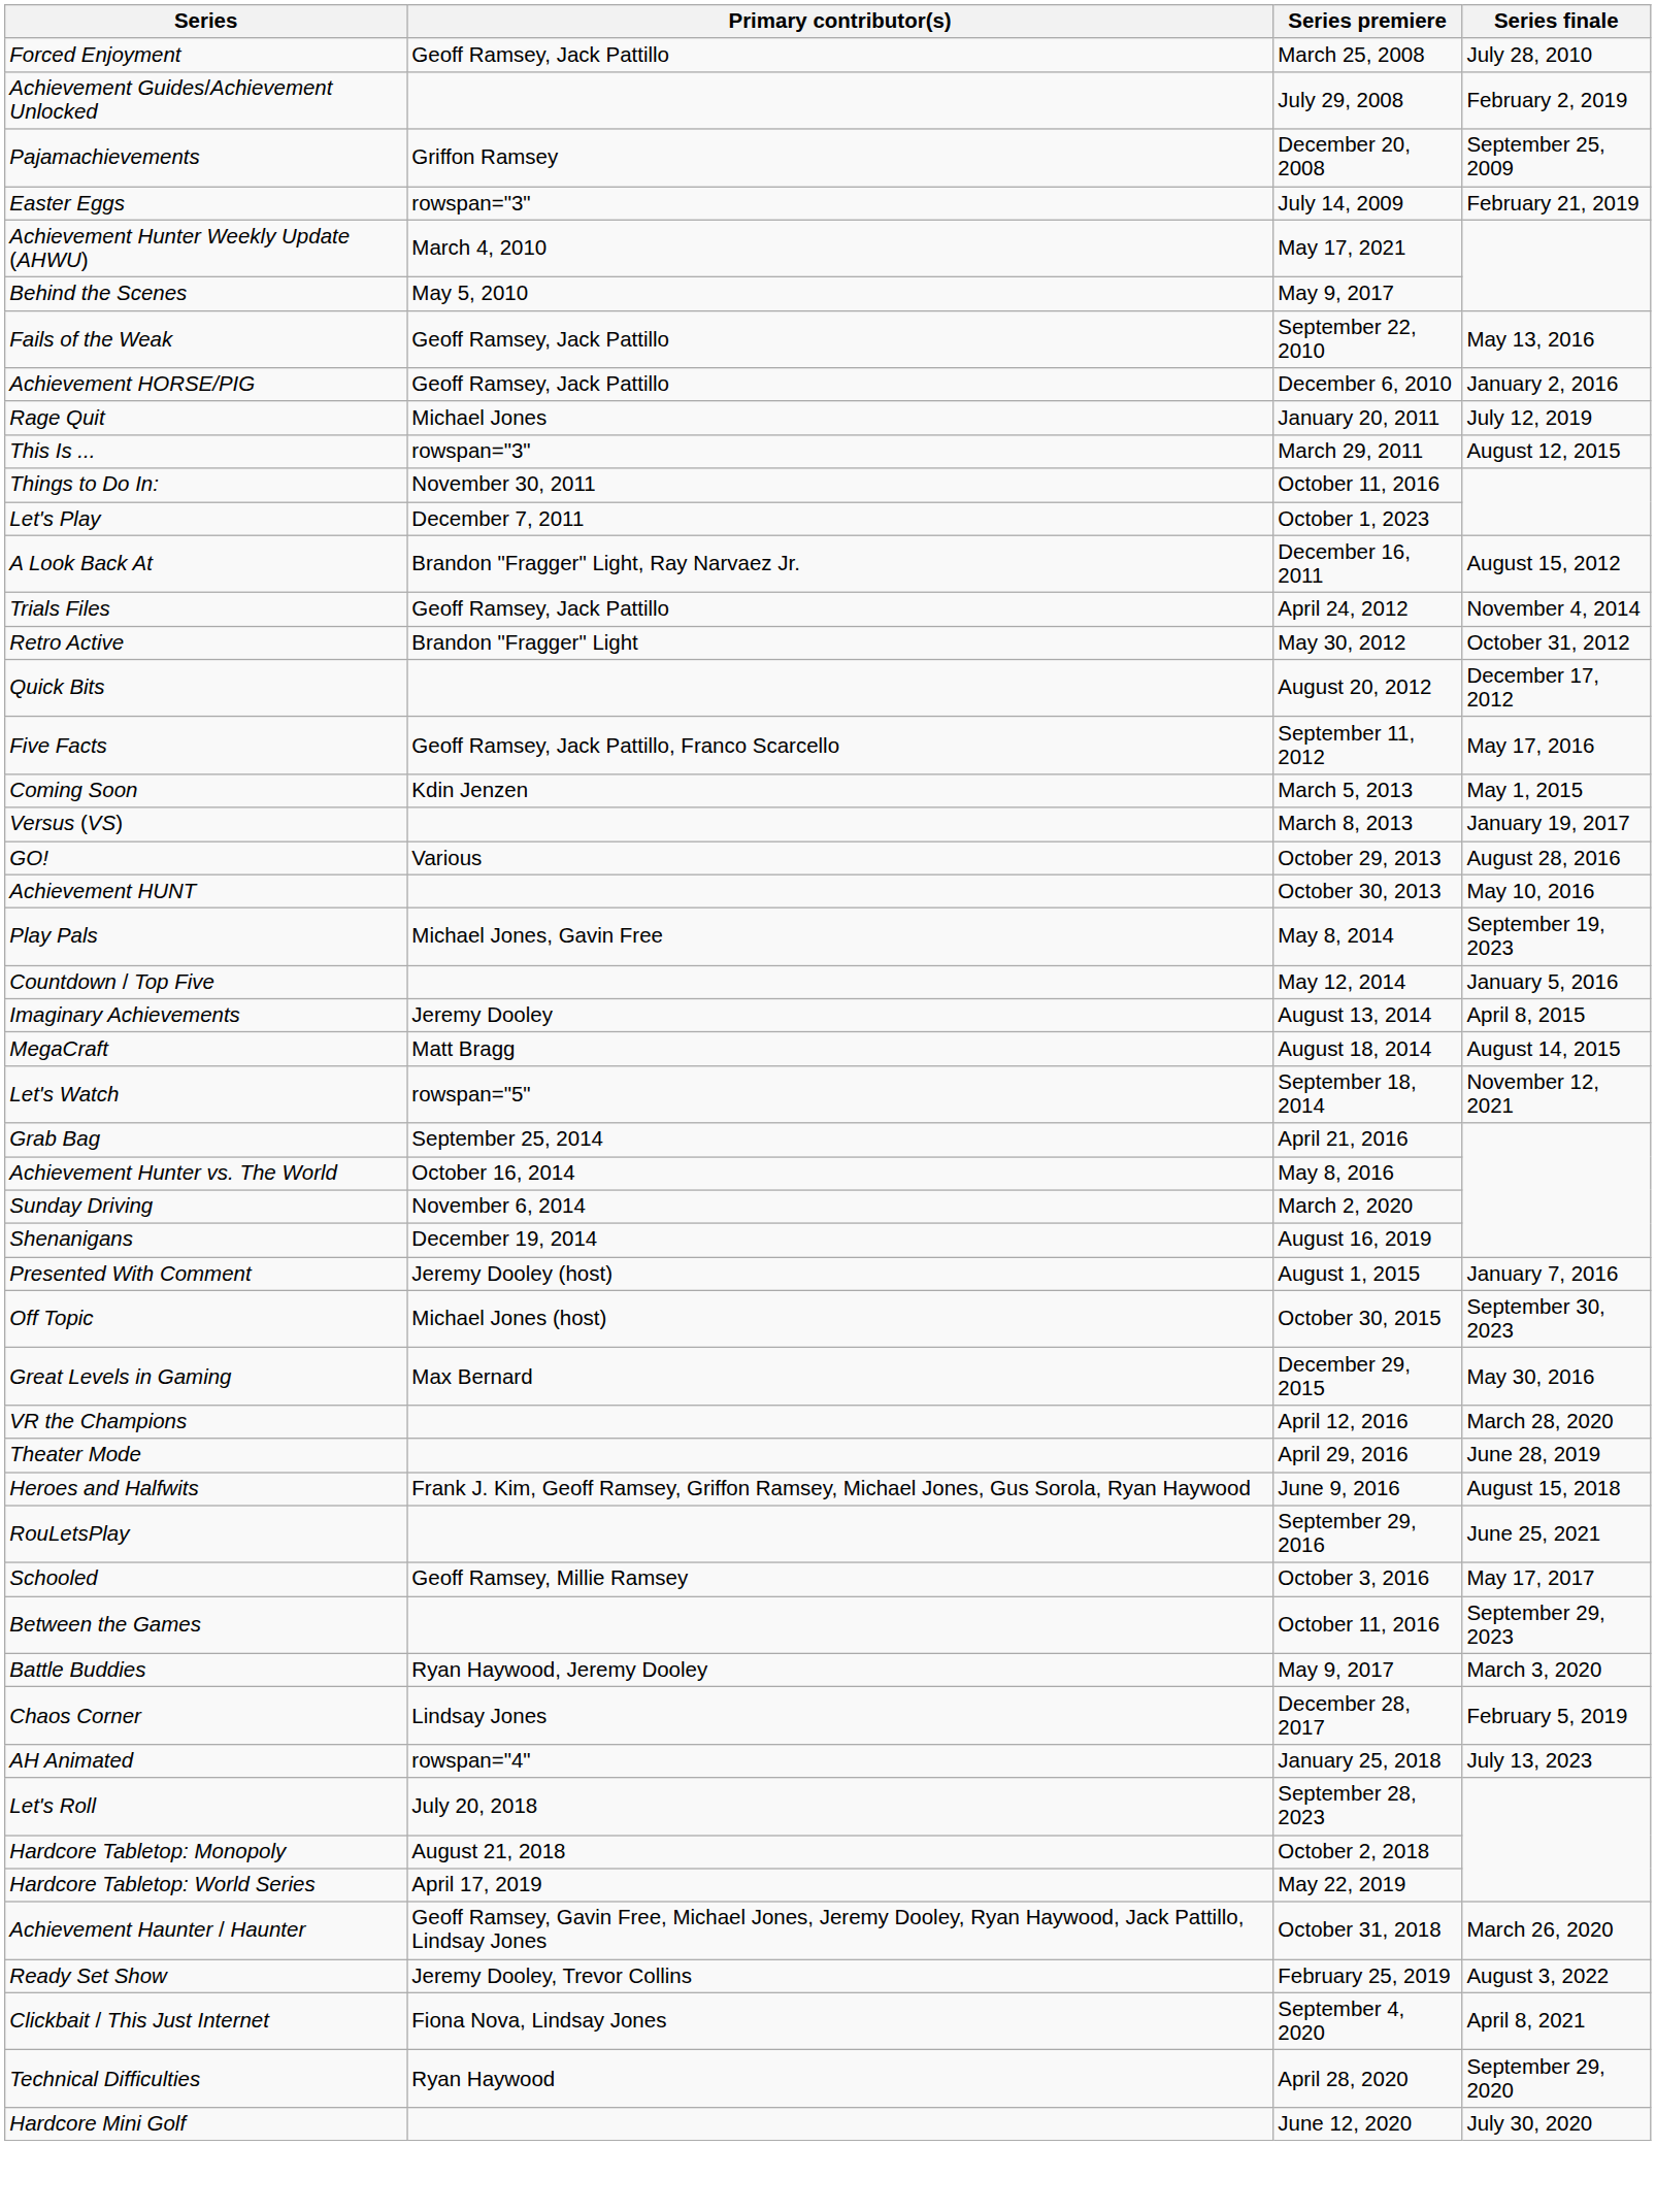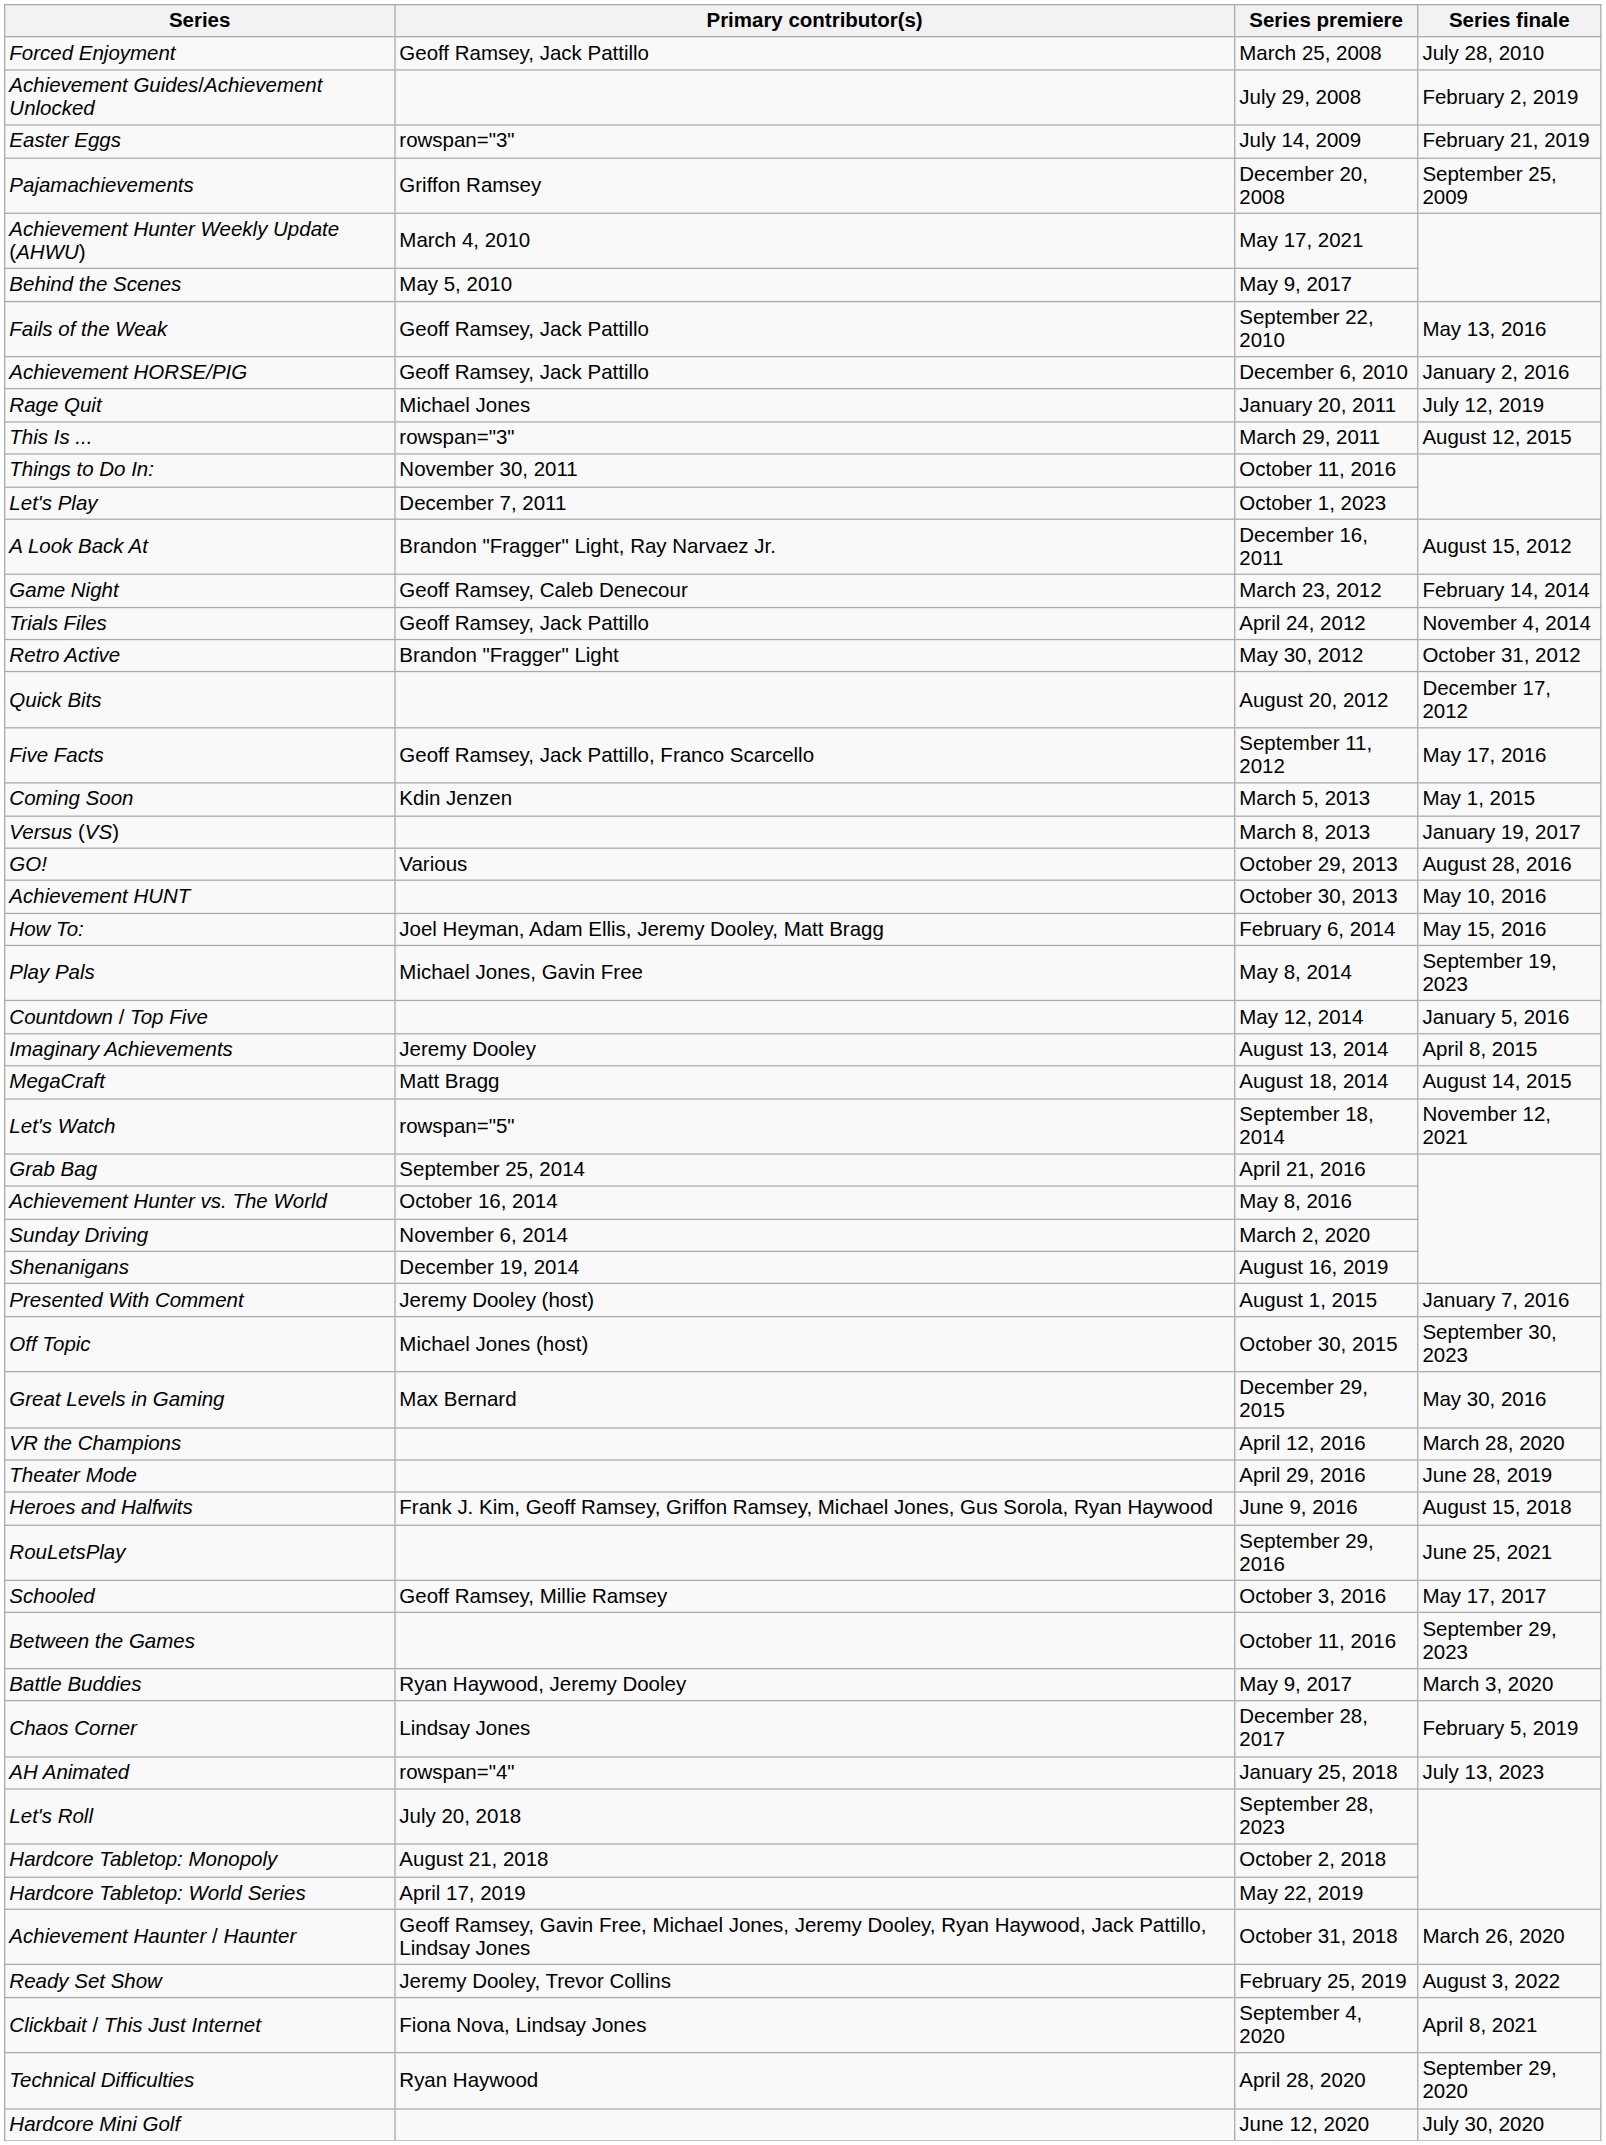 <table class="wikitable sortable plainrowheaders">
 <tr>
 <th>Series</th>
 <th>Primary contributor(s)</th>
 <th>Series premiere</th>
 <th>Series finale</th>
 </tr>
 <tr>
 <td><em>Forced Enjoyment</em></td>
 <td>Geoff Ramsey, Jack Pattillo</td>
 <td>March 25, 2008</td>
 <td>July 28, 2010</td>
 </tr>
 <tr>
 <td><em>Achievement Guides</em>/<em>Achievement Unlocked</em></td>
 <td></td>
 <td>July 29, 2008</td>
 <td>February 2, 2019</td>
 </tr>
 <tr>
+<td><em>Easter Eggs</em></td>
+<td>rowspan="3" </td>
+<td>July 14, 2009</td>
+<td>February 21, 2019</td>
+</tr>
+<tr>
 <td><em>Pajamachievements</em></td>
 <td>Griffon Ramsey</td>
 <td>December 20, 2008</td>
 <td>September 25, 2009</td>
-</tr>
-<tr>
-<td><em>Easter Eggs</em></td>
-<td>rowspan="3" </td>
-<td>July 14, 2009</td>
-<td>February 21, 2019</td>
 </tr>
 <tr>
 <td><em>Achievement Hunter Weekly Update</em> (<em>AHWU</em>)</td>
 <td>March 4, 2010</td>
 <td>May 17, 2021</td>
 </tr>
 <tr>
 <td><em>Behind the Scenes</em></td>
 <td>May 5, 2010</td>
 <td>May 9, 2017</td>
 </tr>
 <tr>
 <td><em>Fails of the Weak</em></td>
 <td>Geoff Ramsey, Jack Pattillo</td>
 <td>September 22, 2010</td>
 <td>May 13, 2016</td>
 </tr>
 <tr>
 <td><em>Achievement HORSE/PIG</em></td>
 <td>Geoff Ramsey, Jack Pattillo</td>
 <td>December 6, 2010</td>
 <td>January 2, 2016</td>
 </tr>
 <tr>
 <td><em>Rage Quit</em></td>
 <td>Michael Jones</td>
 <td>January 20, 2011</td>
 <td>July 12, 2019</td>
 </tr>
 <tr>
 <td><em>This Is ... </em></td>
 <td>rowspan="3" </td>
 <td>March 29, 2011</td>
 <td>August 12, 2015</td>
 </tr>
 <tr>
 <td><em>Things to Do In:</em></td>
 <td>November 30, 2011</td>
 <td>October 11, 2016</td>
 </tr>
 <tr>
 <td><em>Let's Play</em></td>
 <td>December 7, 2011</td>
 <td>October 1, 2023</td>
 </tr>
 <tr>
 <td><em>A Look Back At</em></td>
 <td>Brandon "Fragger" Light, Ray Narvaez Jr.</td>
 <td>December 16, 2011</td>
 <td>August 15, 2012</td>
 </tr>
 <tr>
+<td><em>Game Night</em></td>
+<td>Geoff Ramsey, Caleb Denecour</td>
+<td>March 23, 2012</td>
+<td>February 14, 2014</td>
+</tr>
+<tr>
 <td><em>Trials Files</em></td>
 <td>Geoff Ramsey, Jack Pattillo</td>
 <td>April 24, 2012</td>
 <td>November 4, 2014</td>
 </tr>
 <tr>
 <td><em>Retro Active</em></td>
 <td>Brandon "Fragger" Light</td>
 <td>May 30, 2012</td>
 <td>October 31, 2012</td>
 </tr>
 <tr>
 <td><em>Quick Bits</em></td>
 <td></td>
 <td>August 20, 2012</td>
 <td>December 17, 2012</td>
 </tr>
 <tr>
 <td><em>Five Facts</em></td>
 <td>Geoff Ramsey, Jack Pattillo, Franco Scarcello</td>
 <td>September 11, 2012</td>
 <td>May 17, 2016</td>
 </tr>
 <tr>
 <td><em>Coming Soon</em></td>
 <td>Kdin Jenzen</td>
 <td>March 5, 2013</td>
 <td>May 1, 2015</td>
 </tr>
 <tr>
 <td><em>Versus</em> (<em>VS</em>)</td>
 <td></td>
 <td>March 8, 2013</td>
 <td>January 19, 2017</td>
 </tr>
 <tr>
 <td><em>GO!</em></td>
 <td>Various</td>
 <td>October 29, 2013</td>
 <td>August 28, 2016</td>
 </tr>
 <tr>
 <td><em>Achievement HUNT</em></td>
 <td></td>
 <td>October 30, 2013</td>
 <td>May 10, 2016</td>
+</tr>
+<tr>
+<td><em>How To:</em></td>
+<td>Joel Heyman, Adam Ellis, Jeremy Dooley, Matt Bragg</td>
+<td>February 6, 2014</td>
+<td>May 15, 2016</td>
 </tr>
 <tr>
 <td><em>Play Pals</em></td>
 <td>Michael Jones, Gavin Free</td>
 <td>May 8, 2014</td>
 <td>September 19, 2023</td>
 </tr>
 <tr>
 <td><em>Countdown</em> / <em>Top Five</em></td>
 <td></td>
 <td>May 12, 2014</td>
 <td>January 5, 2016</td>
 </tr>
 <tr>
 <td><em>Imaginary Achievements</em></td>
 <td>Jeremy Dooley</td>
 <td>August 13, 2014</td>
 <td>April 8, 2015</td>
 </tr>
 <tr>
 <td><em>MegaCraft</em></td>
 <td>Matt Bragg</td>
 <td>August 18, 2014</td>
 <td>August 14, 2015</td>
 </tr>
 <tr>
 <td><em>Let's Watch</em></td>
 <td>rowspan="5" </td>
 <td>September 18, 2014</td>
 <td>November 12, 2021</td>
 </tr>
 <tr>
 <td><em>Grab Bag</em></td>
 <td>September 25, 2014</td>
 <td>April 21, 2016</td>
 </tr>
 <tr>
 <td><em>Achievement Hunter vs. The World</em></td>
 <td>October 16, 2014</td>
 <td>May 8, 2016</td>
 </tr>
 <tr>
 <td><em>Sunday Driving</em></td>
 <td>November 6, 2014</td>
 <td>March 2, 2020</td>
 </tr>
 <tr>
 <td><em>Shenanigans</em></td>
 <td>December 19, 2014</td>
 <td>August 16, 2019</td>
 </tr>
 <tr>
 <td><em>Presented With Comment</em></td>
 <td>Jeremy Dooley (host)</td>
 <td>August 1, 2015</td>
 <td>January 7, 2016</td>
 </tr>
 <tr>
 <td><em>Off Topic</em></td>
 <td>Michael Jones (host)</td>
 <td>October 30, 2015</td>
 <td>September 30, 2023</td>
 </tr>
 <tr>
 <td><em>Great Levels in Gaming</em></td>
 <td>Max Bernard</td>
 <td>December 29, 2015</td>
 <td>May 30, 2016</td>
 </tr>
 <tr>
 <td><em>VR the Champions</em></td>
 <td></td>
 <td>April 12, 2016</td>
 <td>March 28, 2020</td>
 </tr>
 <tr>
 <td><em>Theater Mode</em></td>
 <td></td>
 <td>April 29, 2016</td>
 <td>June 28, 2019</td>
 </tr>
 <tr>
 <td><em>Heroes and Halfwits</em></td>
 <td>Frank J. Kim, Geoff Ramsey, Griffon Ramsey, Michael Jones, Gus Sorola, Ryan Haywood</td>
 <td>June 9, 2016</td>
 <td>August 15, 2018</td>
 </tr>
 <tr>
 <td><em>RouLetsPlay</em></td>
 <td></td>
 <td>September 29, 2016</td>
 <td>June 25, 2021</td>
 </tr>
 <tr>
 <td><em>Schooled</em></td>
 <td>Geoff Ramsey, Millie Ramsey</td>
 <td>October 3, 2016</td>
 <td>May 17, 2017</td>
 </tr>
 <tr>
 <td><em>Between the Games</em></td>
 <td></td>
 <td>October 11, 2016</td>
 <td>September 29, 2023</td>
 </tr>
 <tr>
 <td><em>Battle Buddies</em></td>
 <td>Ryan Haywood, Jeremy Dooley</td>
 <td>May 9, 2017</td>
 <td>March 3, 2020</td>
 </tr>
 <tr>
 <td><em>Chaos Corner</em></td>
 <td>Lindsay Jones</td>
 <td>December 28, 2017</td>
 <td>February 5, 2019</td>
 </tr>
 <tr>
 <td><em>AH Animated</em></td>
 <td>rowspan="4" </td>
 <td>January 25, 2018</td>
 <td>July 13, 2023</td>
 </tr>
 <tr>
 <td><em>Let's Roll</em></td>
 <td>July 20, 2018</td>
 <td>September 28, 2023</td>
 </tr>
 <tr>
 <td><em>Hardcore Tabletop: Monopoly</em></td>
 <td>August 21, 2018</td>
 <td>October 2, 2018</td>
 </tr>
 <tr>
 <td><em>Hardcore Tabletop: World Series</em></td>
 <td>April 17, 2019</td>
 <td>May 22, 2019</td>
 </tr>
 <tr>
 <td><em>Achievement Haunter</em> / <em>Haunter</em></td>
 <td>Geoff Ramsey, Gavin Free, Michael Jones, Jeremy Dooley, Ryan Haywood, Jack Pattillo, Lindsay Jones</td>
 <td>October 31, 2018</td>
 <td>March 26, 2020</td>
 </tr>
 <tr>
 <td><em>Ready Set Show</em></td>
 <td>Jeremy Dooley, Trevor Collins</td>
 <td>February 25, 2019</td>
 <td>August 3, 2022</td>
 </tr>
 <tr>
 <td><em>Clickbait</em> / <em>This Just Internet</em></td>
 <td>Fiona Nova, Lindsay Jones</td>
 <td>September 4, 2020</td>
 <td>April 8, 2021</td>
 </tr>
 <tr>
 <td><em>Technical Difficulties</em></td>
 <td>Ryan Haywood</td>
 <td>April 28, 2020</td>
 <td>September 29, 2020</td>
 </tr>
 <tr>
 <td><em>Hardcore Mini Golf</em></td>
 <td></td>
 <td>June 12, 2020</td>
 <td>July 30, 2020</td>
 </tr>
 </table>
